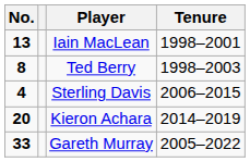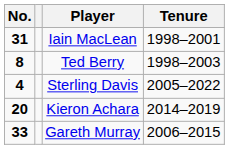 <table class="wikitable" style="text-align:center; font-size:100%;">
 <tr>
 <th>No.</th>
 <th></th>
 <th>Player</th>
 <th>Tenure</th>
 </tr>
 <tr>
-<td><strong>13</strong></td>
+<td><strong>31</strong></td>
 <td> </td>
 <td><a href='#'>Iain MacLean</a></td>
 <td>1998–2001</td>
 </tr>
 <tr>
 <td><strong>8</strong></td>
 <td></td>
 <td><a href='#'>Ted Berry</a></td>
 <td>1998–2003</td>
 </tr>
 <tr>
 <td><strong>4</strong></td>
 <td> </td>
 <td><a href='#'>Sterling Davis</a></td>
-<td>2006–2015</td>
+<td>2005–2022</td>
 </tr>
 <tr>
 <td><strong>20</strong></td>
 <td> </td>
 <td><a href='#'>Kieron Achara</a></td>
 <td>2014–2019</td>
 </tr>
 <tr>
 <td><strong>33</strong></td>
 <td> </td>
 <td><a href='#'>Gareth Murray</a></td>
-<td>2005–2022</td>
+<td>2006–2015</td>
 </tr>
 </table>
